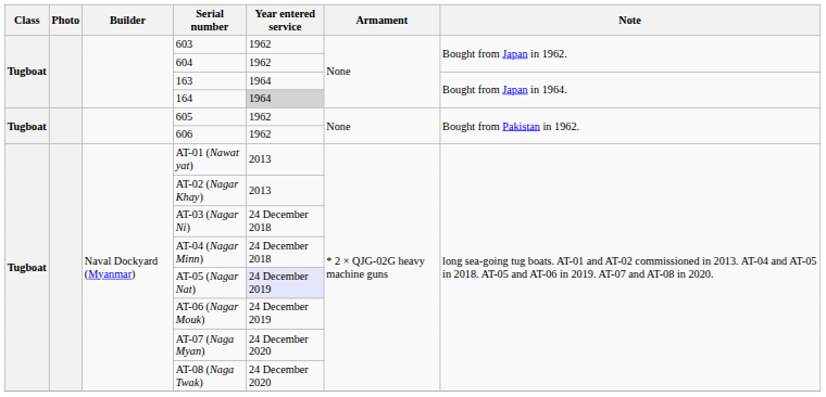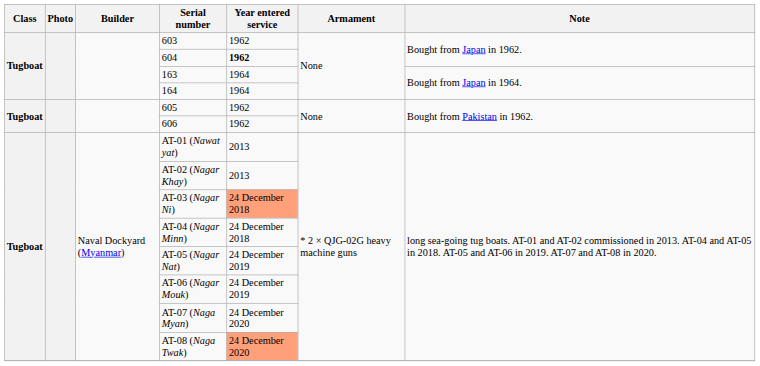 <table class="wikitable" style="font-size:97%; width:90%">
 <tr>
 <th>Class</th>
 <th>Photo</th>
 <th width="120">Builder</th>
 <th>Serial number</th>
 <th>Year entered service</th>
 <th>Armament</th>
 <th>Note</th>
 </tr>
 <tr>
 <th rowspan="4">Tugboat</th>
 <th rowspan="4"></th>
 <td rowspan="4"></td>
 <td>603</td>
 <td>1962</td>
 <td rowspan="4">None</td>
 <td rowspan="2">Bought from <a href='#'>Japan</a> in 1962.</td>
 </tr>
 <tr>
 <td>604</td>
-<td>1962</td>
+<td><strong>1962</strong></td>
 </tr>
 <tr>
 <td>163</td>
 <td>1964</td>
 <td rowspan="2">Bought from <a href='#'>Japan</a> in 1964.</td>
 </tr>
 <tr>
 <td>164</td>
-<td style="background: lightgrey;">1964</td>
+<td>1964</td>
 </tr>
 <tr>
 <th rowspan="2">Tugboat</th>
 <th rowspan="2"></th>
 <td rowspan="2"></td>
 <td>605</td>
 <td>1962</td>
 <td rowspan="2">None</td>
 <td rowspan="2">Bought from <a href='#'>Pakistan</a> in 1962.</td>
 </tr>
 <tr>
 <td>606</td>
 <td>1962</td>
 </tr>
 <tr>
 <th rowspan="8">Tugboat</th>
 <th rowspan="8"></th>
 <td rowspan="8">Naval Dockyard (<a href='#'>Myanmar</a>) </td>
 <td>AT-01 (<em>Nawat yat</em>)</td>
 <td>2013</td>
 <td rowspan="8">* 2 × QJG-02G heavy machine guns</td>
 <td rowspan="8"> long sea-going tug boats. AT-01 and AT-02 commissioned in 2013. AT-04 and AT-05 in 2018. AT-05 and AT-06 in 2019. AT-07 and AT-08 in 2020.</td>
 </tr>
 <tr>
 <td>AT-02 (<em>Nagar Khay</em>)</td>
 <td>2013</td>
 </tr>
 <tr>
 <td>AT-03 (<em>Nagar Ni</em>)</td>
-<td>24 December 2018</td>
+<td style="background: lightsalmon;">24 December 2018</td>
 </tr>
 <tr>
 <td>AT-04 (<em>Nagar Minn</em>)</td>
 <td>24 December 2018</td>
 </tr>
 <tr>
 <td>AT-05 (<em>Nagar Nat</em>)</td>
-<td style="background: lavender;">24 December 2019</td>
+<td>24 December 2019</td>
 </tr>
 <tr>
 <td>AT-06 (<em>Nagar Mouk</em>)</td>
 <td>24 December 2019</td>
 </tr>
 <tr>
 <td>AT-07 (<em>Naga Myan</em>)</td>
 <td>24 December 2020</td>
 </tr>
 <tr>
 <td>AT-08 (<em>Naga Twak</em>)</td>
-<td>24 December 2020</td>
+<td style="background: lightsalmon;">24 December 2020</td>
 </tr>
 <tr>
 </tr>
 </table>
